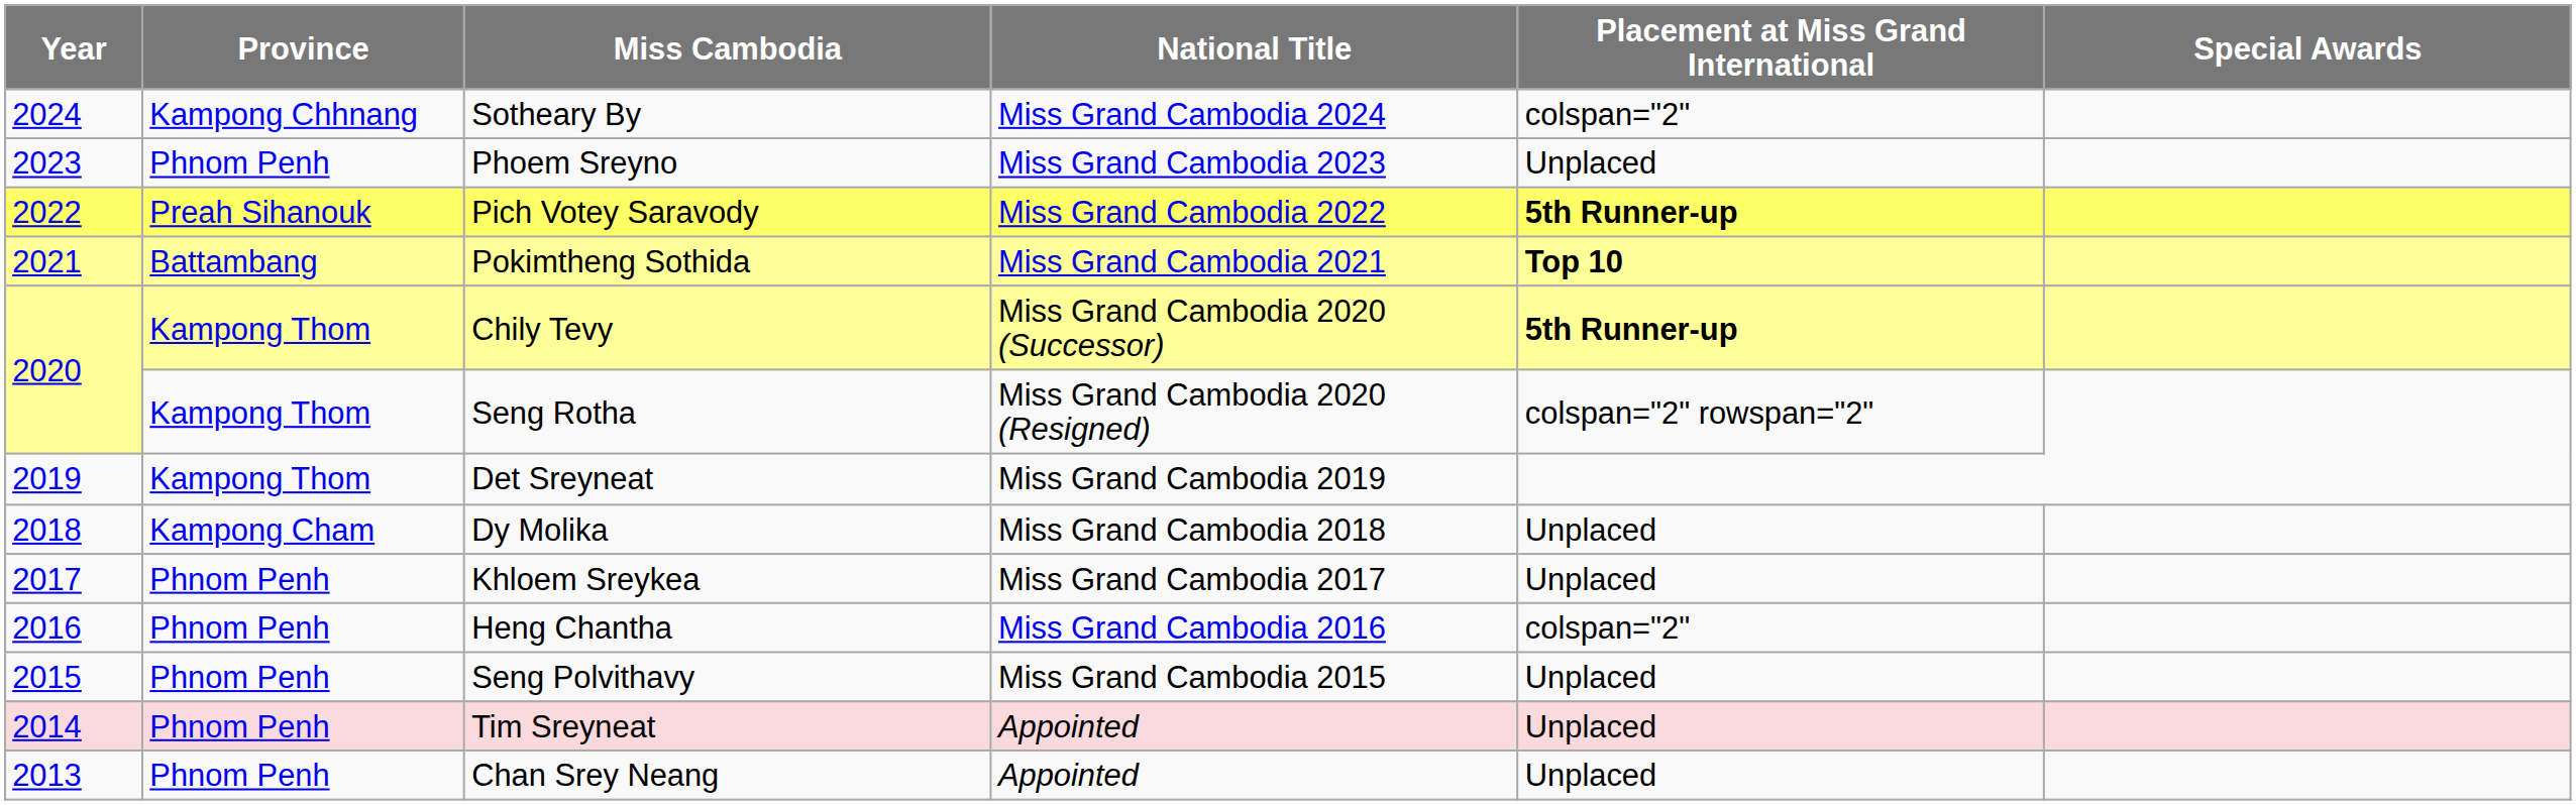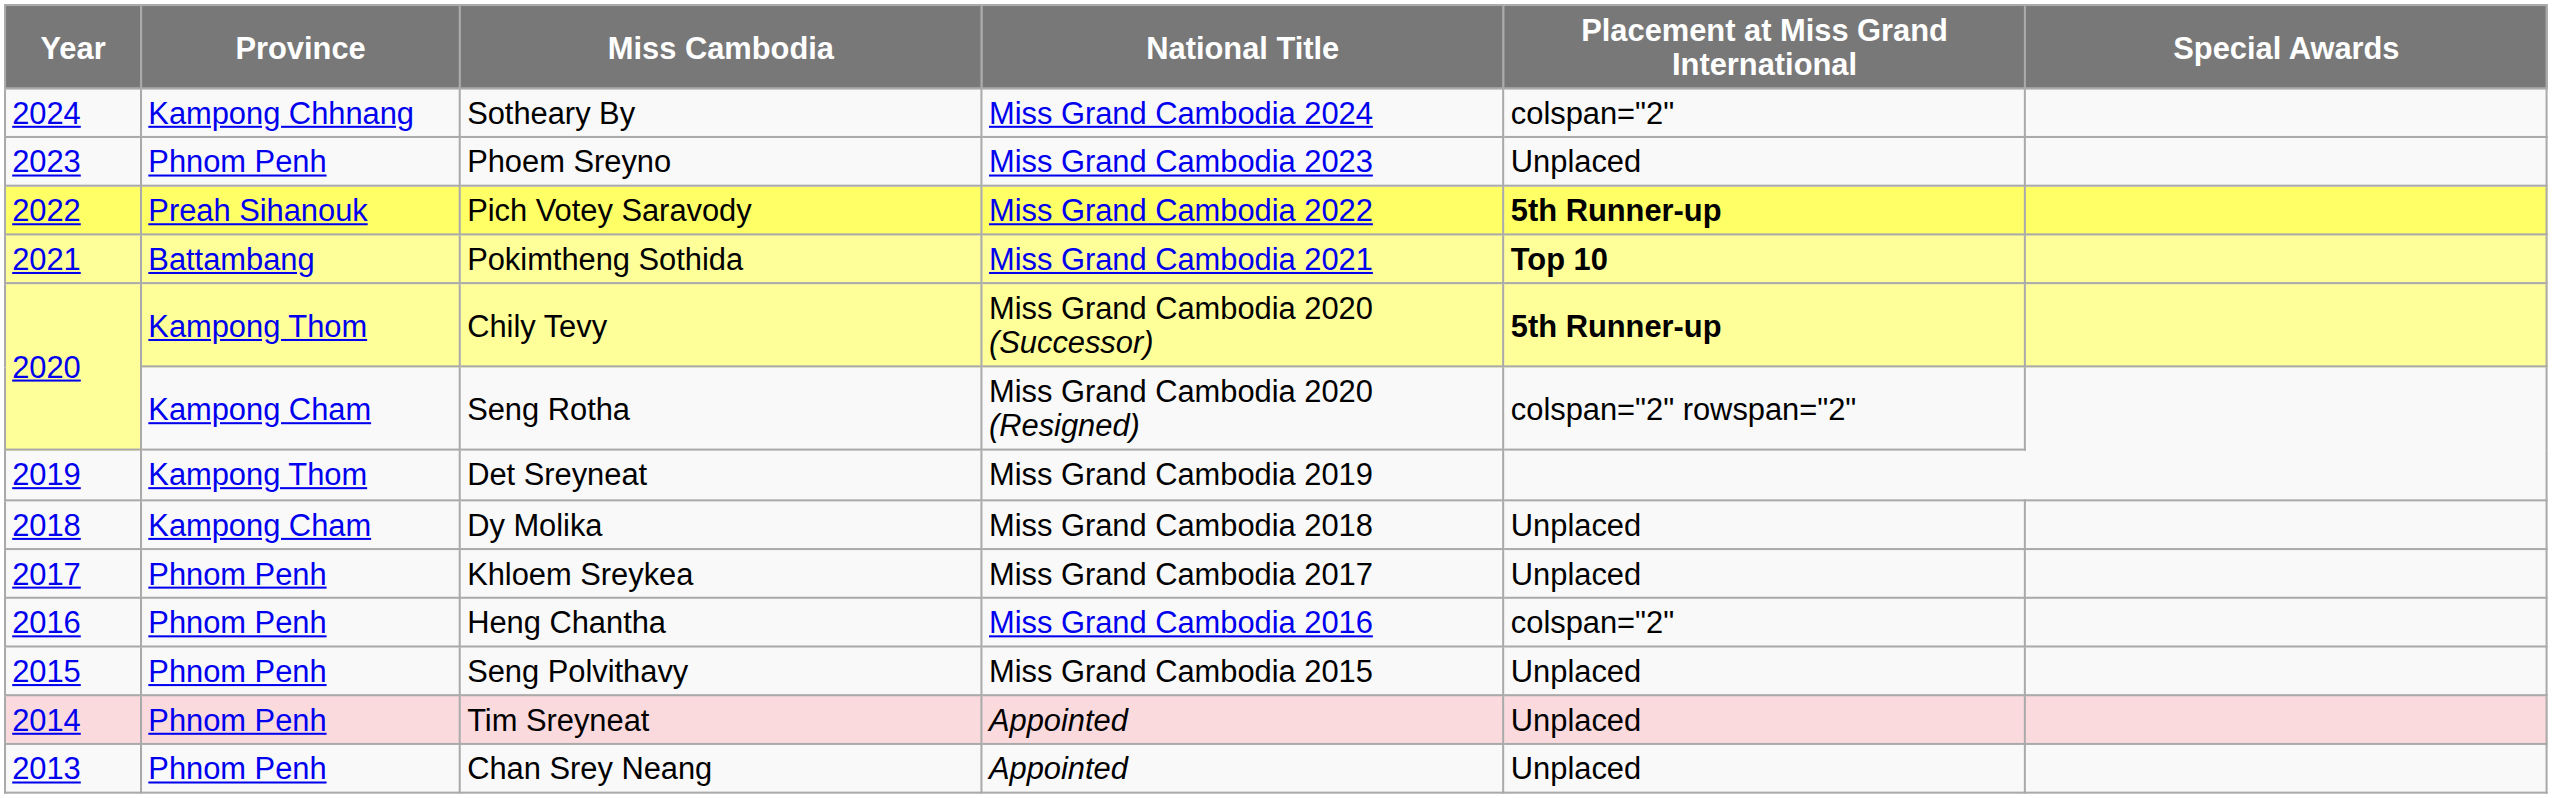 <table class="wikitable " style="font-size: 95%;">
 <tr>
 <th width="60" style="background-color:#787878;color:#FFFFFF;">Year</th>
 <th width="150" style="background-color:#787878;color:#FFFFFF;">Province</th>
 <th width="250" style="background-color:#787878;color:#FFFFFF;">Miss Cambodia</th>
 <th width="250" style="background-color:#787878;color:#FFFFFF;">National Title</th>
 <th width="250" style="background-color:#787878;color:#FFFFFF;">Placement at Miss Grand International</th>
 <th width="250" style="background-color:#787878;color:#FFFFFF;">Special Awards</th>
 </tr>
 <tr>
 <td><a href='#'>2024</a></td>
 <td><a href='#'>Kampong Chhnang</a></td>
 <td>Sotheary By</td>
 <td><a href='#'>Miss Grand Cambodia 2024</a></td>
 <td>colspan="2" </td>
 </tr>
 <tr>
 <td><a href='#'>2023</a></td>
 <td><a href='#'>Phnom Penh</a></td>
 <td>Phoem Sreyno</td>
 <td><a href='#'>Miss Grand Cambodia 2023</a></td>
 <td>Unplaced</td>
 <td style="background:;"></td>
 </tr>
 <tr style="background-color:#FFFF66;">
 <td><a href='#'>2022</a></td>
 <td><a href='#'>Preah Sihanouk</a></td>
 <td>Pich Votey Saravody</td>
 <td><a href='#'>Miss Grand Cambodia 2022</a></td>
 <td><strong>5th Runner-up</strong></td>
 <td style="background:;"></td>
 </tr>
 <tr style="background-color:#FFFF99;">
 <td><a href='#'>2021</a></td>
 <td><a href='#'>Battambang</a></td>
 <td>Pokimtheng Sothida</td>
 <td><a href='#'>Miss Grand Cambodia 2021</a></td>
 <td><strong>Top 10</strong></td>
 <td style="background:;"></td>
 </tr>
 <tr style="background-color:#FFFF99;">
 <td rowspan="2"><a href='#'>2020</a></td>
 <td><a href='#'>Kampong Thom</a></td>
 <td>Chily Tevy</td>
 <td>Miss Grand Cambodia 2020 <em>(Successor)</em></td>
 <td><strong>5th Runner-up</strong></td>
 <td style="background:;"></td>
 </tr>
 <tr>
-<td><a href='#'>Kampong Thom</a></td>
+<td><a href='#'>Kampong Cham</a></td>
 <td>Seng Rotha</td>
 <td>Miss Grand Cambodia 2020 <em>(Resigned)</em></td>
 <td>colspan="2" rowspan="2" </td>
 </tr>
 <tr>
 <td><a href='#'>2019</a></td>
 <td><a href='#'>Kampong Thom</a></td>
 <td>Det Sreyneat</td>
 <td>Miss Grand Cambodia 2019</td>
 </tr>
 <tr>
 <td><a href='#'>2018</a></td>
 <td><a href='#'>Kampong Cham</a></td>
 <td>Dy Molika</td>
 <td>Miss Grand Cambodia 2018</td>
 <td>Unplaced</td>
 <td style="background:;"></td>
 </tr>
 <tr>
 <td><a href='#'>2017</a></td>
 <td><a href='#'>Phnom Penh</a></td>
 <td>Khloem Sreykea</td>
 <td>Miss Grand Cambodia 2017</td>
 <td>Unplaced</td>
 <td style="background:;"></td>
 </tr>
 <tr>
 <td><a href='#'>2016</a></td>
 <td><a href='#'>Phnom Penh</a></td>
 <td>Heng Chantha</td>
 <td><a href='#'>Miss Grand Cambodia 2016</a></td>
 <td>colspan="2" </td>
 </tr>
 <tr>
 <td><a href='#'>2015</a></td>
 <td><a href='#'>Phnom Penh</a></td>
 <td>Seng Polvithavy</td>
 <td>Miss Grand Cambodia 2015</td>
 <td>Unplaced</td>
 <td></td>
 </tr>
 <tr style="background-color:#FADADD; ">
 <td><a href='#'>2014</a></td>
 <td><a href='#'>Phnom Penh</a></td>
 <td>Tim Sreyneat</td>
 <td><em>Appointed</em></td>
 <td>Unplaced</td>
 <td style="background:;"></td>
 </tr>
 <tr>
 <td><a href='#'>2013</a></td>
 <td><a href='#'>Phnom Penh</a></td>
 <td>Chan Srey Neang</td>
 <td><em>Appointed</em></td>
 <td>Unplaced</td>
 </tr>
 </table>
